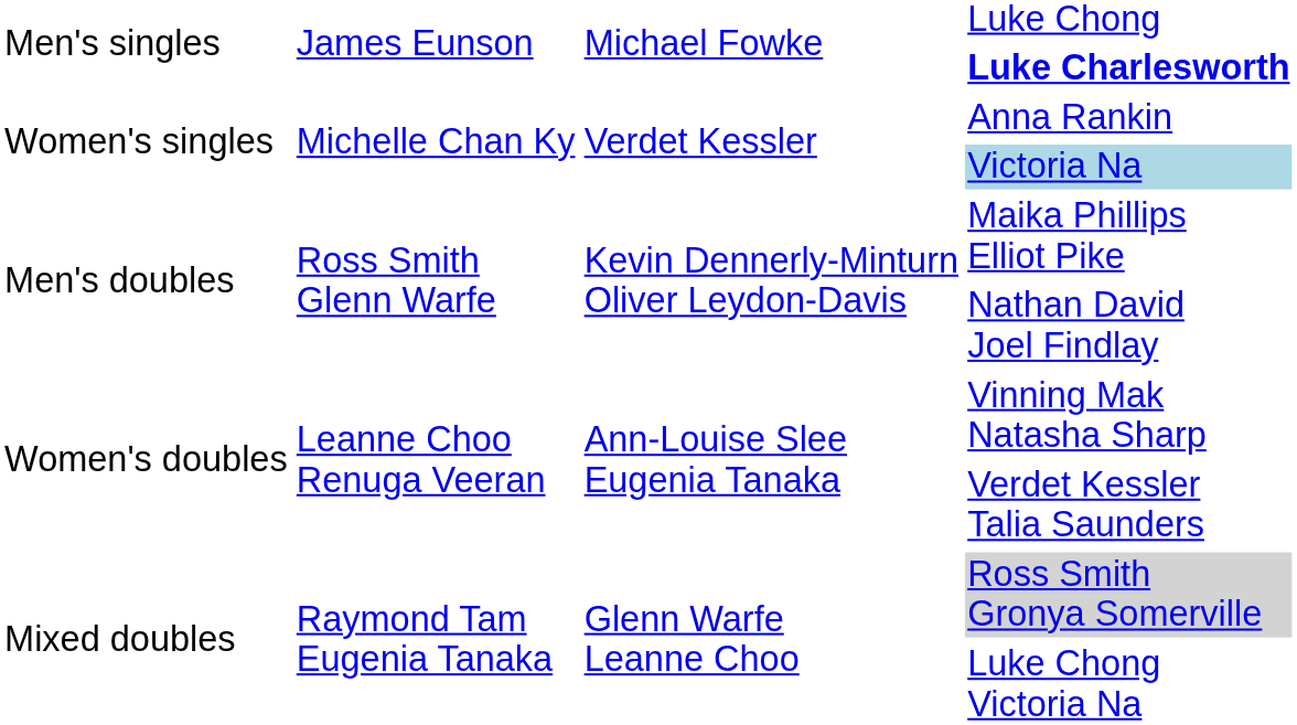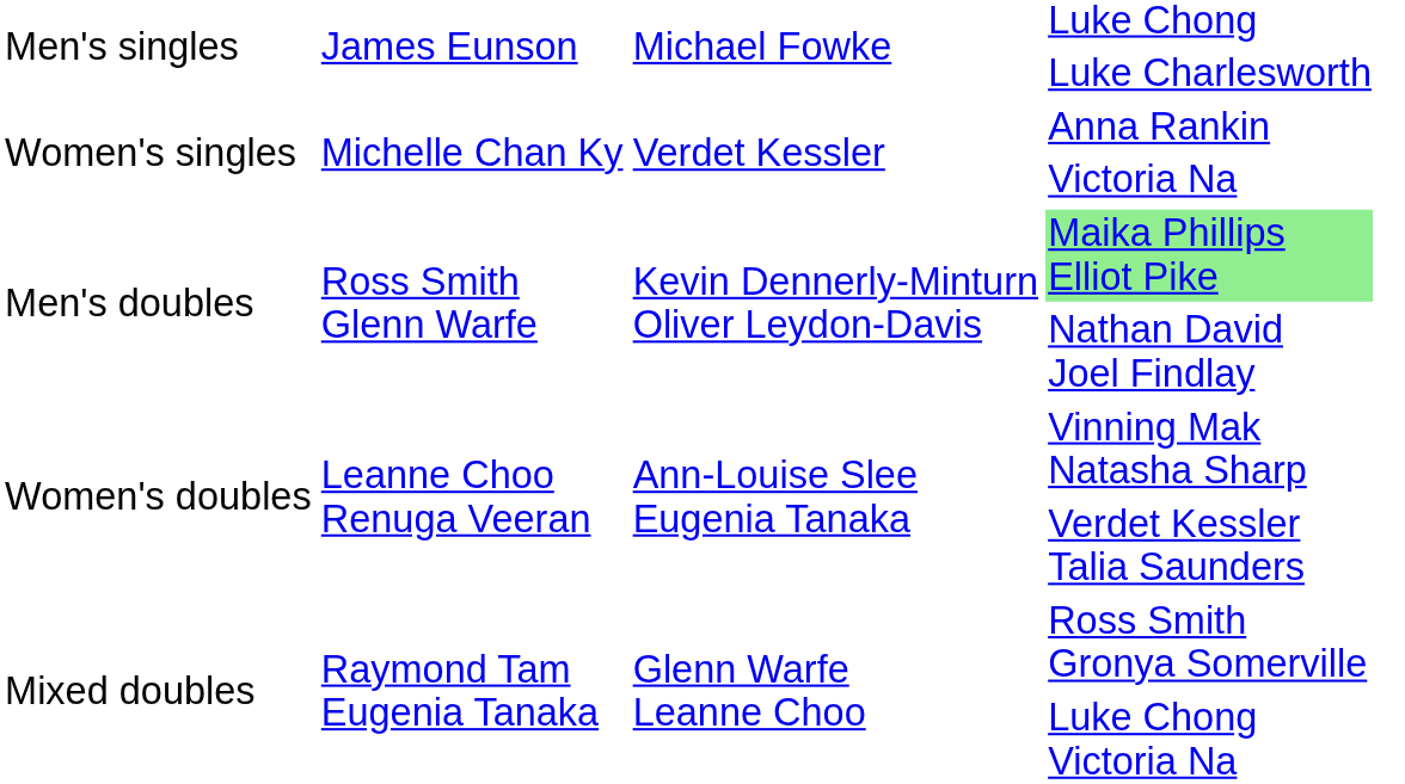 <table>
 <tr>
 <td rowspan=2>Men's singles</td>
 <td rowspan=2> <a href='#'>James Eunson</a></td>
 <td rowspan=2> <a href='#'>Michael Fowke</a></td>
 <td> <a href='#'>Luke Chong</a></td>
 </tr>
 <tr>
-<td><strong> <a href='#'>Luke Charlesworth</a></strong></td>
+<td> <a href='#'>Luke Charlesworth</a></td>
 </tr>
 <tr>
 <td rowspan=2>Women's singles</td>
 <td rowspan=2> <a href='#'>Michelle Chan Ky</a></td>
 <td rowspan=2> <a href='#'>Verdet Kessler</a></td>
 <td> <a href='#'>Anna Rankin</a></td>
 </tr>
 <tr>
-<td style="background: lightblue;"> <a href='#'>Victoria Na</a></td>
+<td> <a href='#'>Victoria Na</a></td>
 </tr>
 <tr>
 <td rowspan=2>Men's doubles</td>
 <td rowspan=2> <a href='#'>Ross Smith</a> <br> <a href='#'>Glenn Warfe</a></td>
 <td rowspan=2> <a href='#'>Kevin Dennerly-Minturn</a> <br> <a href='#'>Oliver Leydon-Davis</a></td>
-<td> <a href='#'>Maika Phillips</a> <br> <a href='#'>Elliot Pike</a></td>
+<td style="background: lightgreen;"> <a href='#'>Maika Phillips</a> <br> <a href='#'>Elliot Pike</a></td>
 </tr>
 <tr>
 <td> <a href='#'>Nathan David</a> <br> <a href='#'>Joel Findlay</a></td>
 </tr>
 <tr>
 <td rowspan=2>Women's doubles</td>
 <td rowspan=2> <a href='#'>Leanne Choo</a> <br> <a href='#'>Renuga Veeran</a></td>
 <td rowspan=2> <a href='#'>Ann-Louise Slee</a> <br> <a href='#'>Eugenia Tanaka</a></td>
 <td> <a href='#'>Vinning Mak</a> <br> <a href='#'>Natasha Sharp</a></td>
 </tr>
 <tr>
 <td> <a href='#'>Verdet Kessler</a> <br> <a href='#'>Talia Saunders</a></td>
 </tr>
 <tr>
 <td rowspan=2>Mixed doubles</td>
 <td rowspan=2> <a href='#'>Raymond Tam</a> <br> <a href='#'>Eugenia Tanaka</a></td>
 <td rowspan=2> <a href='#'>Glenn Warfe</a> <br> <a href='#'>Leanne Choo</a></td>
-<td style="background: lightgrey;"> <a href='#'>Ross Smith</a> <br> <a href='#'>Gronya Somerville</a></td>
+<td> <a href='#'>Ross Smith</a> <br> <a href='#'>Gronya Somerville</a></td>
 </tr>
 <tr>
 <td> <a href='#'>Luke Chong</a> <br> <a href='#'>Victoria Na</a></td>
 </tr>
 </table>
